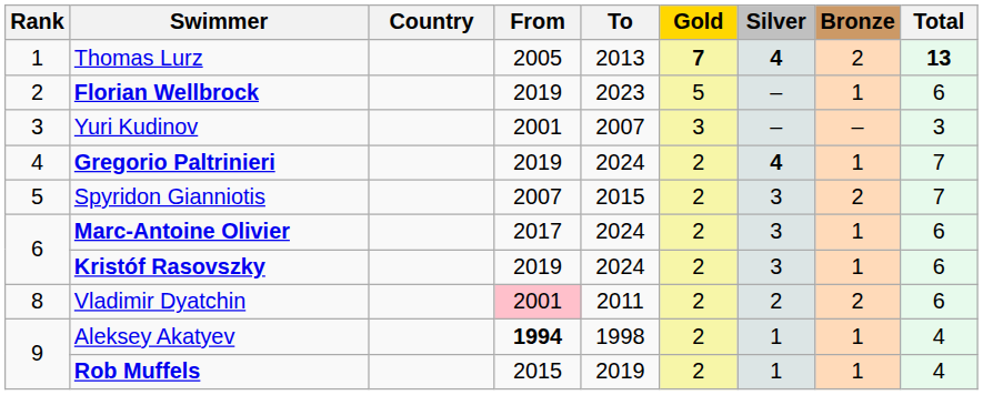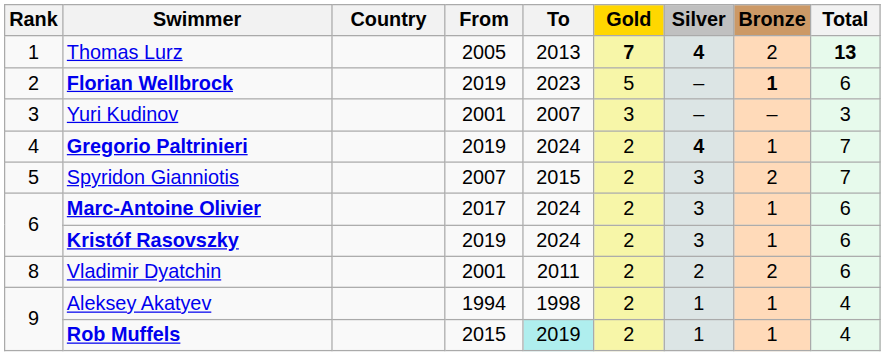 <table class="wikitable plainrowheaders" width=80% style="text-align:center;">
 <tr style="background-color:#EDEDED;">
 <th class="hintergrundfarbe5" style="width:1em">Rank</th>
 <th class="hintergrundfarbe5">Swimmer</th>
 <th class="hintergrundfarbe5">Country</th>
 <th class="hintergrundfarbe5">From</th>
 <th class="hintergrundfarbe5">To</th>
 <th style="background:    gold; width:8%">Gold</th>
 <th style="background:  silver; width:8%">Silver</th>
 <th style="background: #CC9966; width:8%">Bronze</th>
 <th class="hintergrundfarbe5" style="width:8%">Total</th>
 </tr>
 <tr>
 <td>1</td>
 <td align="left"><a href='#'>Thomas Lurz</a></td>
 <td align="left"></td>
 <td>2005</td>
 <td>2013</td>
 <td bgcolor="#F7F6A8"><strong>7</strong></td>
 <td bgcolor="#DCE5E5"><strong>4</strong></td>
 <td bgcolor="#FFDAB9">2</td>
 <td bgcolor="#E7FAEC"><strong>13</strong></td>
 </tr>
 <tr align="center">
 <td>2</td>
 <td align="left"><strong><a href='#'>Florian Wellbrock</a></strong></td>
 <td align="left"></td>
 <td>2019</td>
 <td>2023</td>
 <td bgcolor="#F7F6A8">5</td>
 <td bgcolor="#DCE5E5">–</td>
-<td bgcolor="#FFDAB9">1</td>
+<td bgcolor="#FFDAB9"><strong>1</strong></td>
 <td bgcolor="#E7FAEC">6</td>
 </tr>
 <tr align="center">
 <td>3</td>
 <td align="left"><a href='#'>Yuri Kudinov</a></td>
 <td align="left"></td>
 <td>2001</td>
 <td>2007</td>
 <td bgcolor="#F7F6A8">3</td>
 <td bgcolor="#DCE5E5">–</td>
 <td bgcolor="#FFDAB9">–</td>
 <td bgcolor="#E7FAEC">3</td>
 </tr>
 <tr align="center">
 <td>4</td>
 <td align="left"><strong><a href='#'>Gregorio Paltrinieri</a></strong></td>
 <td align="left"></td>
 <td>2019</td>
 <td>2024</td>
 <td bgcolor="#F7F6A8">2</td>
 <td bgcolor="#DCE5E5"><strong>4</strong></td>
 <td bgcolor="#FFDAB9">1</td>
 <td bgcolor="#E7FAEC">7</td>
 </tr>
 <tr align="center">
 <td>5</td>
 <td align="left"><a href='#'>Spyridon Gianniotis</a></td>
 <td align="left"></td>
 <td>2007</td>
 <td>2015</td>
 <td bgcolor="#F7F6A8">2</td>
 <td bgcolor="#DCE5E5">3</td>
 <td bgcolor="#FFDAB9">2</td>
 <td bgcolor="#E7FAEC">7</td>
 </tr>
 <tr align="center">
 <td rowspan="2">6</td>
 <td align="left"><strong><a href='#'>Marc-Antoine Olivier</a></strong></td>
 <td align="left"></td>
 <td>2017</td>
 <td>2024</td>
 <td bgcolor="#F7F6A8">2</td>
 <td bgcolor="#DCE5E5">3</td>
 <td bgcolor="#FFDAB9">1</td>
 <td bgcolor="#E7FAEC">6</td>
 </tr>
 <tr align="center">
 <td align="left"><strong><a href='#'>Kristóf Rasovszky</a></strong></td>
 <td align="left"></td>
 <td>2019</td>
 <td>2024</td>
 <td bgcolor="#F7F6A8">2</td>
 <td bgcolor="#DCE5E5">3</td>
 <td bgcolor="#FFDAB9">1</td>
 <td bgcolor="#E7FAEC">6</td>
 </tr>
 <tr align="center">
 <td>8</td>
 <td align="left"><a href='#'>Vladimir Dyatchin</a></td>
 <td align="left"></td>
-<td style="background: pink;">2001</td>
+<td>2001</td>
 <td>2011</td>
 <td bgcolor="#F7F6A8">2</td>
 <td bgcolor="#DCE5E5">2</td>
 <td bgcolor="#FFDAB9">2</td>
 <td bgcolor="#E7FAEC">6</td>
 </tr>
 <tr align="center">
 <td rowspan="2">9</td>
 <td align="left"><a href='#'>Aleksey Akatyev</a></td>
 <td align="left"></td>
-<td><strong>1994</strong></td>
+<td>1994</td>
 <td>1998</td>
 <td bgcolor="#F7F6A8">2</td>
 <td bgcolor="#DCE5E5">1</td>
 <td bgcolor="#FFDAB9">1</td>
 <td bgcolor="#E7FAEC">4</td>
 </tr>
 <tr align="center">
 <td align="left"><strong><a href='#'>Rob Muffels</a></strong></td>
 <td align="left"></td>
 <td>2015</td>
-<td>2019</td>
+<td style="background: paleturquoise;">2019</td>
 <td bgcolor="#F7F6A8">2</td>
 <td bgcolor="#DCE5E5">1</td>
 <td bgcolor="#FFDAB9">1</td>
 <td bgcolor="#E7FAEC">4</td>
 </tr>
 </table>
